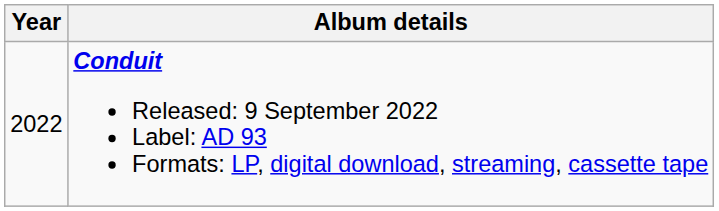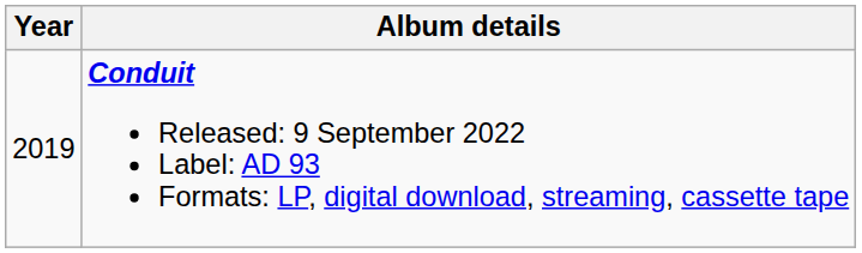 <table class="wikitable" style="text-align:center;">
 <tr>
 <th>Year</th>
 <th>Album details</th>
 </tr>
 <tr>
-<td rowspan="1">2022</td>
+<td rowspan="1">2019</td>
 <td align="left"><strong><em><a href='#'>Conduit</a></em></strong><br><ul><li>Released: 9 September 2022</li><li>Label: <a href='#'>AD 93</a></li><li>Formats: <a href='#'>LP</a>, <a href='#'>digital download</a>, <a href='#'>streaming</a>, <a href='#'>cassette tape</a></li></ul></td>
 </tr>
 </table>
